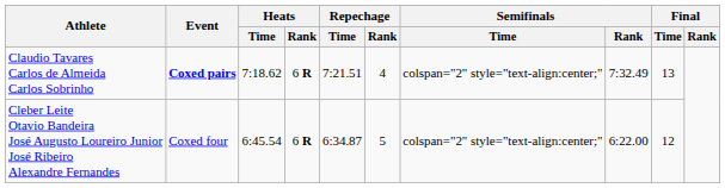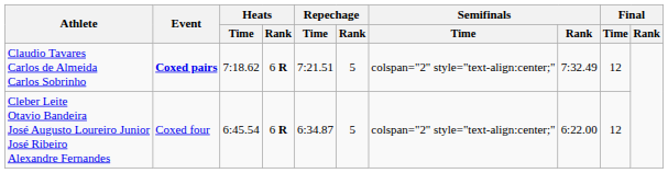 <table class="wikitable" style="font-size:90%">
 <tr>
 <th rowspan="2">Athlete</th>
 <th rowspan="2">Event</th>
 <th colspan="2">Heats</th>
 <th colspan="2">Repechage</th>
 <th colspan="2">Semifinals</th>
 <th colspan="2">Final</th>
 </tr>
 <tr style="font-size:95%">
 <th>Time</th>
 <th>Rank</th>
 <th>Time</th>
 <th>Rank</th>
 <th>Time</th>
 <th>Rank</th>
 <th>Time</th>
 <th>Rank</th>
 </tr>
 <tr align=center>
 <td align=left><a href='#'>Claudio Tavares</a><br><a href='#'>Carlos de Almeida</a><br><a href='#'>Carlos Sobrinho</a></td>
 <td align=left><strong><a href='#'>Coxed pairs</a></strong></td>
 <td>7:18.62</td>
 <td>6 <strong>R</strong></td>
 <td>7:21.51</td>
-<td>4</td>
+<td>5</td>
 <td>colspan="2" style="text-align:center;" </td>
 <td>7:32.49</td>
-<td>13</td>
+<td>12</td>
 </tr>
 <tr align=center>
 <td align=left><a href='#'>Cleber Leite</a><br><a href='#'>Otavio Bandeira</a><br><a href='#'>José Augusto Loureiro Junior</a><br><a href='#'>José Ribeiro</a><br><a href='#'>Alexandre Fernandes</a></td>
 <td align=left><a href='#'>Coxed four</a></td>
 <td>6:45.54</td>
 <td>6 <strong>R</strong></td>
 <td>6:34.87</td>
 <td>5</td>
 <td>colspan="2" style="text-align:center;" </td>
 <td>6:22.00</td>
 <td>12</td>
 </tr>
 </table>
